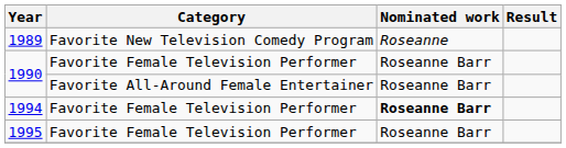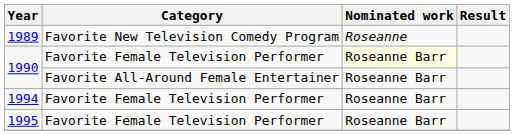 <table class="wikitable">
 <tr>
 <th>Year</th>
 <th>Category</th>
 <th>Nominated work</th>
 <th>Result</th>
 </tr>
 <tr>
 <td><a href='#'>1989</a></td>
 <td>Favorite New Television Comedy Program</td>
 <td><em>Roseanne</em></td>
 <td></td>
 </tr>
 <tr>
 <td rowspan="2"><a href='#'>1990</a></td>
 <td>Favorite Female Television Performer</td>
-<td>Roseanne Barr</td>
+<td style="background: lightyellow;">Roseanne Barr</td>
 <td></td>
 </tr>
 <tr>
 <td>Favorite All-Around Female Entertainer</td>
 <td>Roseanne Barr</td>
 <td></td>
 </tr>
 <tr>
 <td><a href='#'>1994</a></td>
 <td>Favorite Female Television Performer</td>
-<td><strong>Roseanne Barr</strong></td>
+<td>Roseanne Barr</td>
 <td></td>
 </tr>
 <tr>
 <td><a href='#'>1995</a></td>
 <td>Favorite Female Television Performer</td>
 <td>Roseanne Barr</td>
 <td></td>
 </tr>
 <tr>
 </tr>
 </table>
